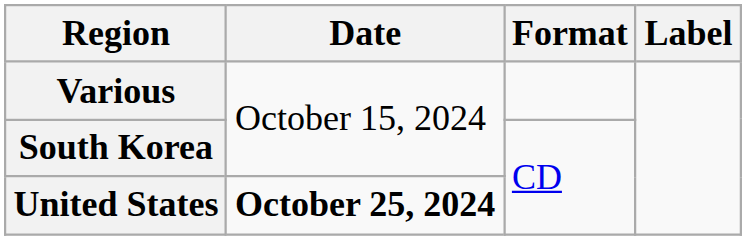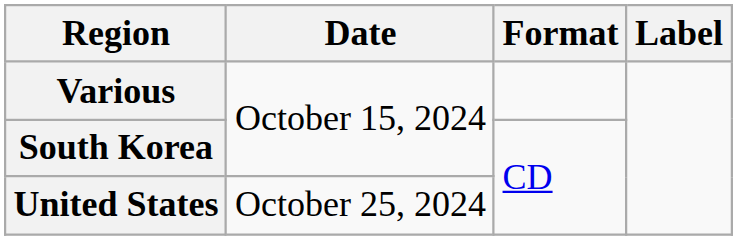 <table class="wikitable plainrowheaders">
 <tr>
 <th scope="col">Region</th>
 <th scope="col">Date</th>
 <th scope="col">Format</th>
 <th scope="col">Label</th>
 </tr>
 <tr>
 <th scope="row">Various </th>
 <td rowspan="2">October 15, 2024</td>
 <td></td>
 <td rowspan="3"></td>
 </tr>
 <tr>
 <th scope="row">South Korea</th>
 <td rowspan="2"><a href='#'>CD</a></td>
 </tr>
 <tr>
 <th scope="row">United States</th>
-<td><strong>October 25, 2024</strong></td>
+<td>October 25, 2024</td>
 </tr>
 </table>
